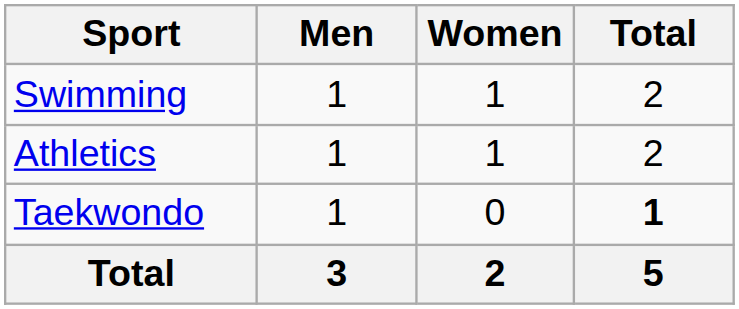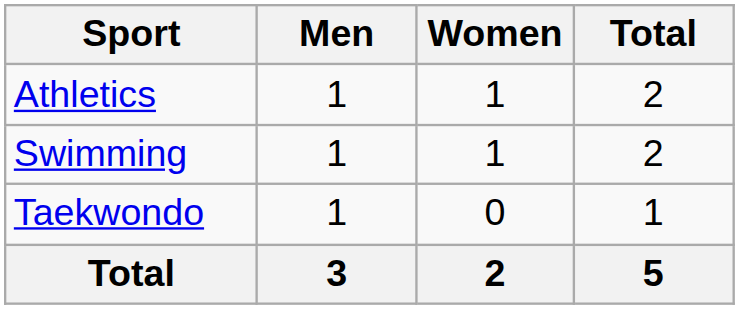 <table class="wikitable sortable" style="text-align:center;">
 <tr>
 <th width=100>Sport</th>
 <th width=60>Men</th>
 <th width=60>Women</th>
 <th width=60>Total</th>
 </tr>
 <tr>
-<td align=left><a href='#'>Swimming</a></td>
+<td align=left><a href='#'>Athletics</a></td>
 <td>1</td>
 <td>1</td>
 <td>2</td>
 </tr>
 <tr>
-<td align=left><a href='#'>Athletics</a></td>
+<td align=left><a href='#'>Swimming</a></td>
 <td>1</td>
 <td>1</td>
 <td>2</td>
 </tr>
 <tr>
 <td align=left><a href='#'>Taekwondo</a></td>
 <td>1</td>
 <td>0</td>
-<td><strong>1</strong></td>
+<td>1</td>
 </tr>
 <tr>
 <th>Total</th>
 <th>3</th>
 <th>2</th>
 <th>5</th>
 </tr>
 </table>
